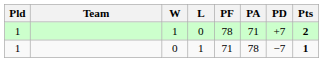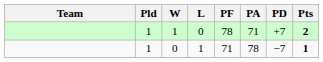 <table class=wikitable style="text-align:center">
 <tr>
+<th width=180>Team</th>
 <th width=30>Pld</th>
-<th width=180>Team</th>
 <th width=30>W</th>
 <th width=30>L</th>
 <th width=30>PF</th>
 <th width=30>PA</th>
 <th width=30>PD</th>
 <th width=30>Pts</th>
 </tr>
 <tr align=center bgcolor="#ccffcc">
+<td align=left></td>
 <td>1</td>
-<td align=left></td>
 <td>1</td>
 <td>0</td>
 <td>78</td>
 <td>71</td>
 <td>+7</td>
 <td><strong>2</strong></td>
 </tr>
 <tr align=center>
+<td align=left></td>
 <td>1</td>
-<td align=left></td>
 <td>0</td>
 <td>1</td>
 <td>71</td>
 <td>78</td>
 <td>−7</td>
 <td><strong>1</strong></td>
 </tr>
 </table>
